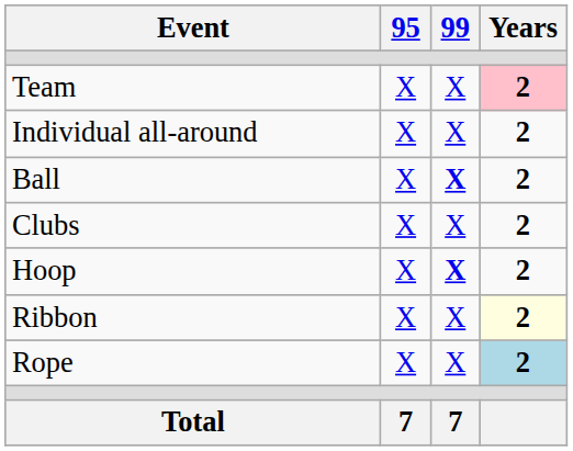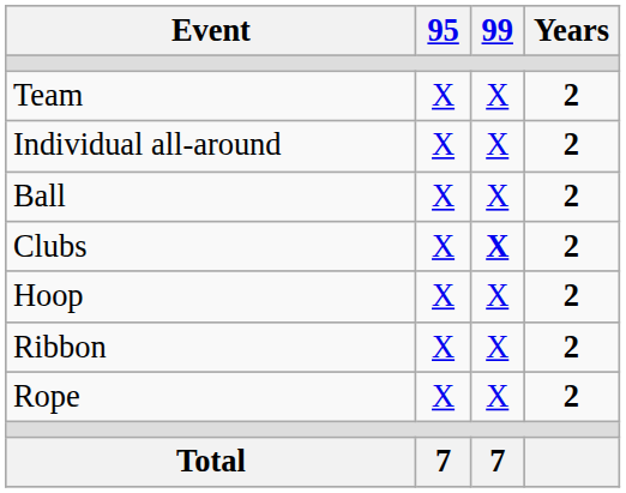 <table class="wikitable" style="text-align:center">
 <tr>
 <th width="200">Event</th>
 <th width=20><a href='#'>95</a></th>
 <th width=20><a href='#'>99</a></th>
 <th width=40>Years</th>
 </tr>
 <tr bgcolor=#DDDDDD>
 <td colspan=31></td>
 </tr>
 <tr>
 <td align=left>Team</td>
 <td><a href='#'>X</a></td>
 <td><a href='#'>X</a></td>
-<td style="background: pink;"><strong>2</strong></td>
+<td><strong>2</strong></td>
 </tr>
 <tr>
 <td align=left>Individual all-around</td>
 <td><a href='#'>X</a></td>
 <td><a href='#'>X</a></td>
 <td><strong>2</strong></td>
 </tr>
 <tr>
 <td align=left>Ball</td>
 <td><a href='#'>X</a></td>
-<td><strong><a href='#'>X</a></strong></td>
+<td><a href='#'>X</a></td>
 <td><strong>2</strong></td>
 </tr>
 <tr>
 <td align=left>Clubs</td>
 <td><a href='#'>X</a></td>
-<td><a href='#'>X</a></td>
+<td><strong><a href='#'>X</a></strong></td>
 <td><strong>2</strong></td>
 </tr>
 <tr>
 <td align=left>Hoop</td>
 <td><a href='#'>X</a></td>
-<td><strong><a href='#'>X</a></strong></td>
+<td><a href='#'>X</a></td>
 <td><strong>2</strong></td>
 </tr>
 <tr>
 <td align=left>Ribbon</td>
 <td><a href='#'>X</a></td>
 <td><a href='#'>X</a></td>
-<td style="background: lightyellow;"><strong>2</strong></td>
+<td><strong>2</strong></td>
 </tr>
 <tr>
 <td align=left>Rope</td>
 <td><a href='#'>X</a></td>
 <td><a href='#'>X</a></td>
-<td style="background: lightblue;"><strong>2</strong></td>
+<td><strong>2</strong></td>
 </tr>
 <tr bgcolor=#DDDDDD>
 <td colspan=14></td>
 </tr>
 <tr>
 <th>Total</th>
 <th>7</th>
 <th>7</th>
 <th></th>
 </tr>
 </table>
